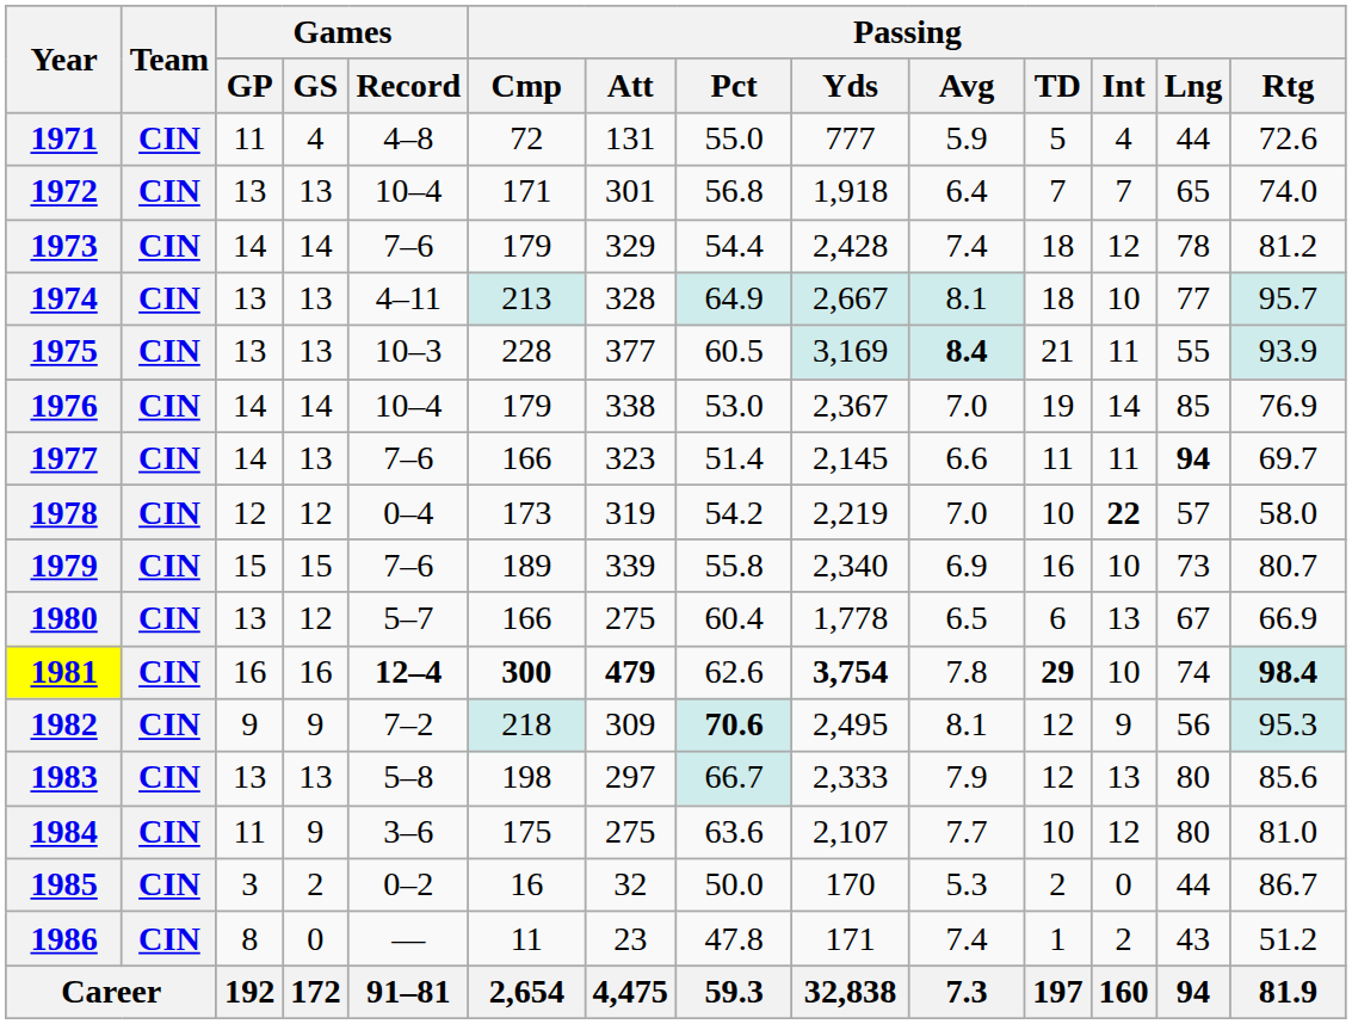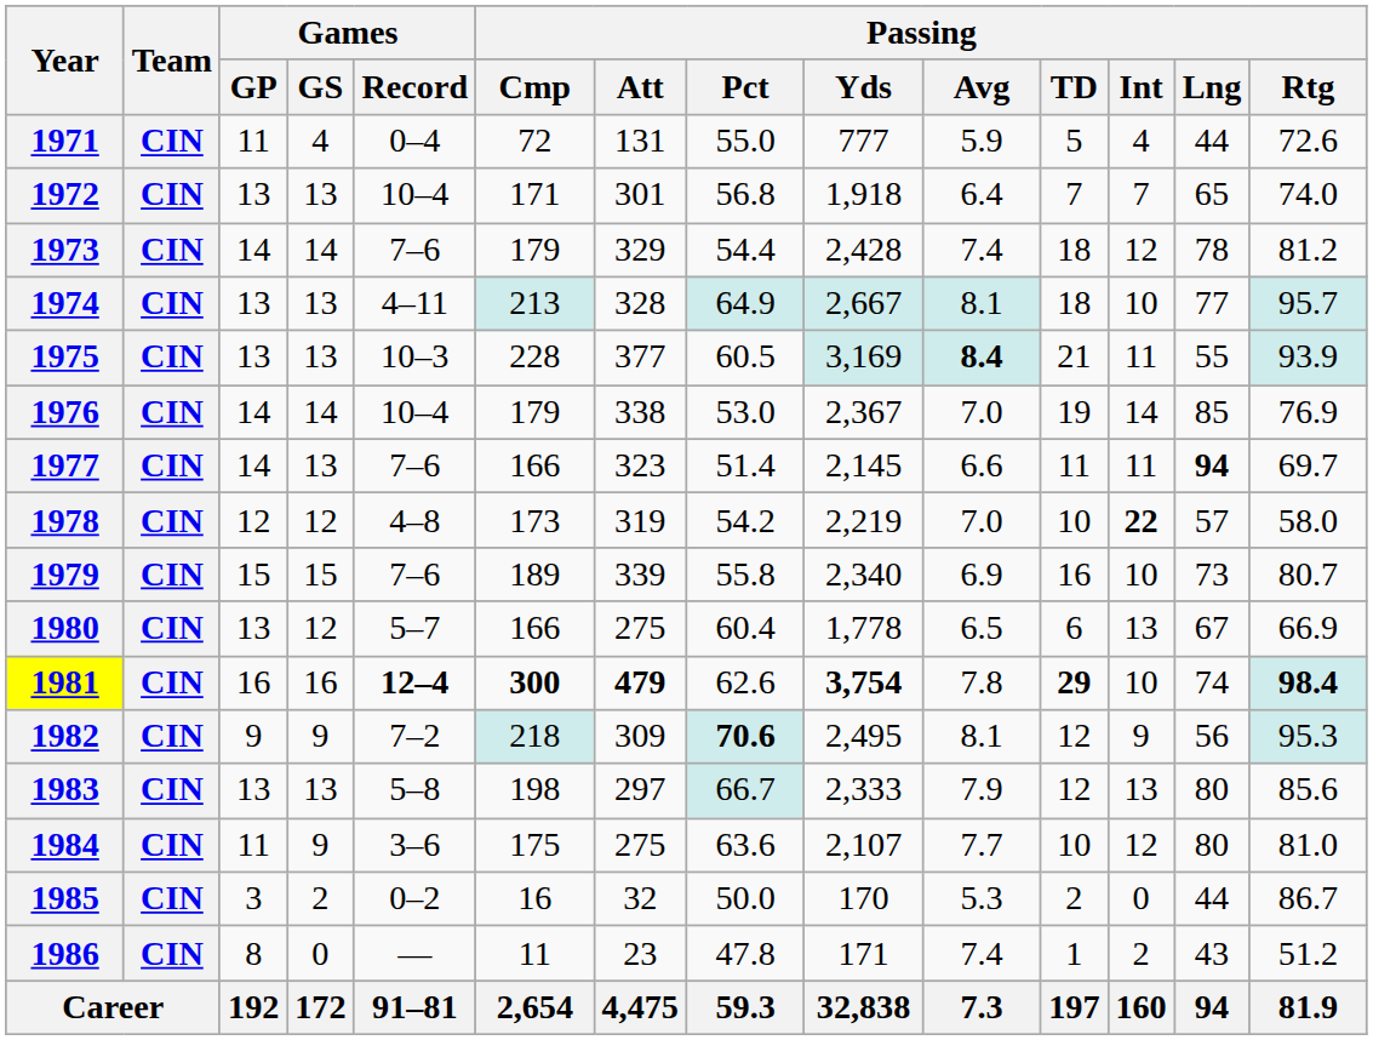 <table class="wikitable" style="text-align:center;">
 <tr>
 <th rowspan="2">Year</th>
 <th rowspan="2">Team</th>
 <th colspan="3">Games</th>
 <th colspan="9">Passing</th>
 </tr>
 <tr>
 <th>GP</th>
 <th>GS</th>
 <th>Record</th>
 <th>Cmp</th>
 <th>Att</th>
 <th>Pct</th>
 <th>Yds</th>
 <th>Avg</th>
 <th>TD</th>
 <th>Int</th>
 <th>Lng</th>
 <th>Rtg</th>
 </tr>
 <tr>
 <th><a href='#'>1971</a></th>
 <th><a href='#'>CIN</a></th>
 <td>11</td>
 <td>4</td>
-<td>4–8</td>
+<td>0–4</td>
 <td>72</td>
 <td>131</td>
 <td>55.0</td>
 <td>777</td>
 <td>5.9</td>
 <td>5</td>
 <td>4</td>
 <td>44</td>
 <td>72.6</td>
 </tr>
 <tr>
 <th><a href='#'>1972</a></th>
 <th><a href='#'>CIN</a></th>
 <td>13</td>
 <td>13</td>
 <td>10–4</td>
 <td>171</td>
 <td>301</td>
 <td>56.8</td>
 <td>1,918</td>
 <td>6.4</td>
 <td>7</td>
 <td>7</td>
 <td>65</td>
 <td>74.0</td>
 </tr>
 <tr>
 <th><a href='#'>1973</a></th>
 <th><a href='#'>CIN</a></th>
 <td>14</td>
 <td>14</td>
 <td>7–6</td>
 <td>179</td>
 <td>329</td>
 <td>54.4</td>
 <td>2,428</td>
 <td>7.4</td>
 <td>18</td>
 <td>12</td>
 <td>78</td>
 <td>81.2</td>
 </tr>
 <tr>
 <th><a href='#'>1974</a></th>
 <th><a href='#'>CIN</a></th>
 <td>13</td>
 <td>13</td>
 <td>4–11</td>
 <td style="background:#cfecec; width:3em;">213</td>
 <td>328</td>
 <td style="background:#cfecec; width:3em;">64.9</td>
 <td style="background:#cfecec; width:3em;">2,667</td>
 <td style="background:#cfecec; width:3em;">8.1</td>
 <td>18</td>
 <td>10</td>
 <td>77</td>
 <td style="background:#cfecec; width:3em;">95.7</td>
 </tr>
 <tr>
 <th><a href='#'>1975</a></th>
 <th><a href='#'>CIN</a></th>
 <td>13</td>
 <td>13</td>
 <td>10–3</td>
 <td>228</td>
 <td>377</td>
 <td>60.5</td>
 <td style="background:#cfecec; width:3em;">3,169</td>
 <td style="background:#cfecec; width:3em;"><strong>8.4</strong></td>
 <td>21</td>
 <td>11</td>
 <td>55</td>
 <td style="background:#cfecec; width:3em;">93.9</td>
 </tr>
 <tr>
 <th><a href='#'>1976</a></th>
 <th><a href='#'>CIN</a></th>
 <td>14</td>
 <td>14</td>
 <td>10–4</td>
 <td>179</td>
 <td>338</td>
 <td>53.0</td>
 <td>2,367</td>
 <td>7.0</td>
 <td>19</td>
 <td>14</td>
 <td>85</td>
 <td>76.9</td>
 </tr>
 <tr>
 <th><a href='#'>1977</a></th>
 <th><a href='#'>CIN</a></th>
 <td>14</td>
 <td>13</td>
 <td>7–6</td>
 <td>166</td>
 <td>323</td>
 <td>51.4</td>
 <td>2,145</td>
 <td>6.6</td>
 <td>11</td>
 <td>11</td>
 <td><strong>94</strong></td>
 <td>69.7</td>
 </tr>
 <tr>
 <th><a href='#'>1978</a></th>
 <th><a href='#'>CIN</a></th>
 <td>12</td>
 <td>12</td>
-<td>0–4</td>
+<td>4–8</td>
 <td>173</td>
 <td>319</td>
 <td>54.2</td>
 <td>2,219</td>
 <td>7.0</td>
 <td>10</td>
 <td><strong>22</strong></td>
 <td>57</td>
 <td>58.0</td>
 </tr>
 <tr>
 <th><a href='#'>1979</a></th>
 <th><a href='#'>CIN</a></th>
 <td>15</td>
 <td>15</td>
 <td>7–6</td>
 <td>189</td>
 <td>339</td>
 <td>55.8</td>
 <td>2,340</td>
 <td>6.9</td>
 <td>16</td>
 <td>10</td>
 <td>73</td>
 <td>80.7</td>
 </tr>
 <tr>
 <th><a href='#'>1980</a></th>
 <th><a href='#'>CIN</a></th>
 <td>13</td>
 <td>12</td>
 <td>5–7</td>
 <td>166</td>
 <td>275</td>
 <td>60.4</td>
 <td>1,778</td>
 <td>6.5</td>
 <td>6</td>
 <td>13</td>
 <td>67</td>
 <td>66.9</td>
 </tr>
 <tr>
 <th style="background:#ffff00; width:3em;"><a href='#'>1981</a></th>
 <th><a href='#'>CIN</a></th>
 <td>16</td>
 <td>16</td>
 <td><strong>12–4</strong></td>
 <td><strong>300</strong></td>
 <td><strong>479</strong></td>
 <td>62.6</td>
 <td><strong>3,754</strong></td>
 <td>7.8</td>
 <td><strong>29</strong></td>
 <td>10</td>
 <td>74</td>
 <td style="background:#cfecec; width:3em;"><strong>98.4</strong></td>
 </tr>
 <tr>
 <th><a href='#'>1982</a></th>
 <th><a href='#'>CIN</a></th>
 <td>9</td>
 <td>9</td>
 <td>7–2</td>
 <td style="background:#cfecec; width:3em;">218</td>
 <td>309</td>
 <td style="background:#cfecec; width:3em;"><strong>70.6</strong></td>
 <td>2,495</td>
 <td>8.1</td>
 <td>12</td>
 <td>9</td>
 <td>56</td>
 <td style="background:#cfecec; width:3em;">95.3</td>
 </tr>
 <tr>
 <th><a href='#'>1983</a></th>
 <th><a href='#'>CIN</a></th>
 <td>13</td>
 <td>13</td>
 <td>5–8</td>
 <td>198</td>
 <td>297</td>
 <td style="background:#cfecec; width:3em;">66.7</td>
 <td>2,333</td>
 <td>7.9</td>
 <td>12</td>
 <td>13</td>
 <td>80</td>
 <td>85.6</td>
 </tr>
 <tr>
 <th><a href='#'>1984</a></th>
 <th><a href='#'>CIN</a></th>
 <td>11</td>
 <td>9</td>
 <td>3–6</td>
 <td>175</td>
 <td>275</td>
 <td>63.6</td>
 <td>2,107</td>
 <td>7.7</td>
 <td>10</td>
 <td>12</td>
 <td>80</td>
 <td>81.0</td>
 </tr>
 <tr>
 <th><a href='#'>1985</a></th>
 <th><a href='#'>CIN</a></th>
 <td>3</td>
 <td>2</td>
 <td>0–2</td>
 <td>16</td>
 <td>32</td>
 <td>50.0</td>
 <td>170</td>
 <td>5.3</td>
 <td>2</td>
 <td>0</td>
 <td>44</td>
 <td>86.7</td>
 </tr>
 <tr>
 <th><a href='#'>1986</a></th>
 <th><a href='#'>CIN</a></th>
 <td>8</td>
 <td>0</td>
 <td>—</td>
 <td>11</td>
 <td>23</td>
 <td>47.8</td>
 <td>171</td>
 <td>7.4</td>
 <td>1</td>
 <td>2</td>
 <td>43</td>
 <td>51.2</td>
 </tr>
 <tr>
 <th colspan="2">Career</th>
 <th>192</th>
 <th>172</th>
 <th>91–81</th>
 <th>2,654</th>
 <th>4,475</th>
 <th>59.3</th>
 <th>32,838</th>
 <th>7.3</th>
 <th>197</th>
 <th>160</th>
 <th>94</th>
 <th>81.9</th>
 </tr>
 </table>
